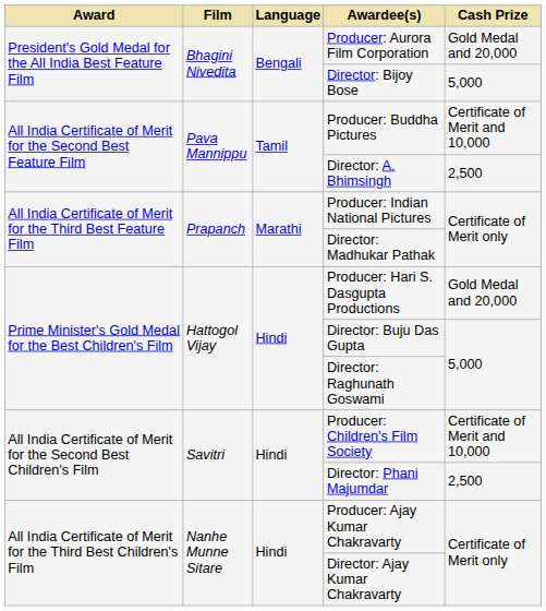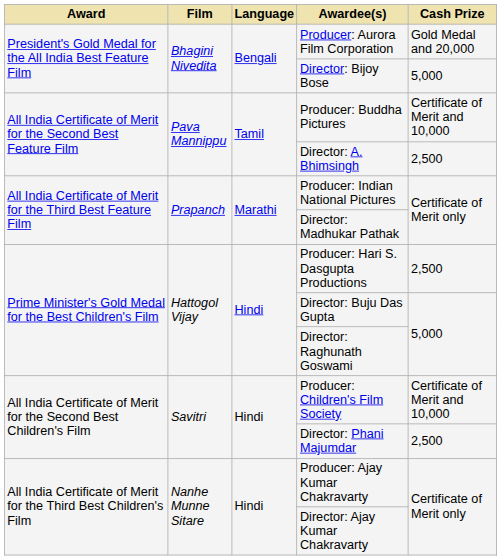 <table class="wikitable sortable" style="width:100%">
 <tr>
 <th style="background-color:#EFE4B0;width:37%;">Award</th>
 <th style="background-color:#EFE4B0;width:13%;">Film</th>
 <th style="background-color:#EFE4B0;width:7%;">Language</th>
 <th style="background-color:#EFE4B0;width:24%;">Awardee(s)</th>
 <th style="background-color:#EFE4B0;width:19%;">Cash Prize</th>
 </tr>
 <tr style="background-color:#F4F4F4">
 <td rowspan="2"><a href='#'>President's Gold Medal for the All India Best Feature Film</a></td>
 <td rowspan="2"><em><a href='#'>Bhagini Nivedita</a></em></td>
 <td rowspan="2"><a href='#'>Bengali</a></td>
 <td><a href='#'>Producer</a>: Aurora Film Corporation</td>
 <td>Gold Medal and 20,000</td>
 </tr>
 <tr style="background-color:#F4F4F4">
 <td><a href='#'>Director</a>: Bijoy Bose</td>
 <td>5,000</td>
 </tr>
 <tr style="background-color:#F4F4F4">
 <td rowspan="2"><a href='#'>All India Certificate of Merit for the Second Best Feature Film</a></td>
 <td rowspan="2"><em><a href='#'>Pava Mannippu</a></em></td>
 <td rowspan="2"><a href='#'>Tamil</a></td>
 <td>Producer: Buddha Pictures</td>
 <td>Certificate of Merit and 10,000</td>
 </tr>
 <tr style="background-color:#F4F4F4">
 <td>Director: <a href='#'>A. Bhimsingh</a></td>
 <td>2,500</td>
 </tr>
 <tr style="background-color:#F4F4F4">
 <td rowspan="2"><a href='#'>All India Certificate of Merit for the Third Best Feature Film</a></td>
 <td rowspan="2"><em><a href='#'>Prapanch</a></em></td>
 <td rowspan="2"><a href='#'>Marathi</a></td>
 <td>Producer: Indian National Pictures</td>
 <td rowspan="2">Certificate of Merit only</td>
 </tr>
 <tr style="background-color:#F4F4F4">
 <td>Director: Madhukar Pathak</td>
 </tr>
 <tr style="background-color:#F4F4F4">
 <td rowspan="3"><a href='#'>Prime Minister's Gold Medal for the Best Children's Film</a></td>
 <td rowspan="3"><em>Hattogol Vijay</em></td>
 <td rowspan="3"><a href='#'>Hindi</a></td>
 <td>Producer: Hari S. Dasgupta Productions</td>
-<td>Gold Medal and 20,000</td>
+<td>2,500</td>
 </tr>
 <tr style="background-color:#F4F4F4">
 <td>Director: Buju Das Gupta</td>
 <td rowspan="2">5,000</td>
 </tr>
 <tr style="background-color:#F4F4F4">
 <td>Director: Raghunath Goswami</td>
 </tr>
 <tr style="background-color:#F4F4F4">
 <td rowspan="2">All India Certificate of Merit for the Second Best Children's Film</td>
 <td rowspan="2"><em>Savitri</em></td>
 <td rowspan="2">Hindi</td>
 <td>Producer: <a href='#'>Children's Film Society</a></td>
 <td>Certificate of Merit and 10,000</td>
 </tr>
 <tr style="background-color:#F4F4F4">
 <td>Director: <a href='#'>Phani Majumdar</a></td>
 <td>2,500</td>
 </tr>
 <tr style="background-color:#F4F4F4">
 <td rowspan="2">All India Certificate of Merit for the Third Best Children's Film</td>
 <td rowspan="2"><em>Nanhe Munne Sitare</em></td>
 <td rowspan="2">Hindi</td>
 <td>Producer: Ajay Kumar Chakravarty</td>
 <td rowspan="2">Certificate of Merit only</td>
 </tr>
 <tr style="background-color:#F4F4F4">
 <td>Director: Ajay Kumar Chakravarty</td>
 </tr>
 </table>
